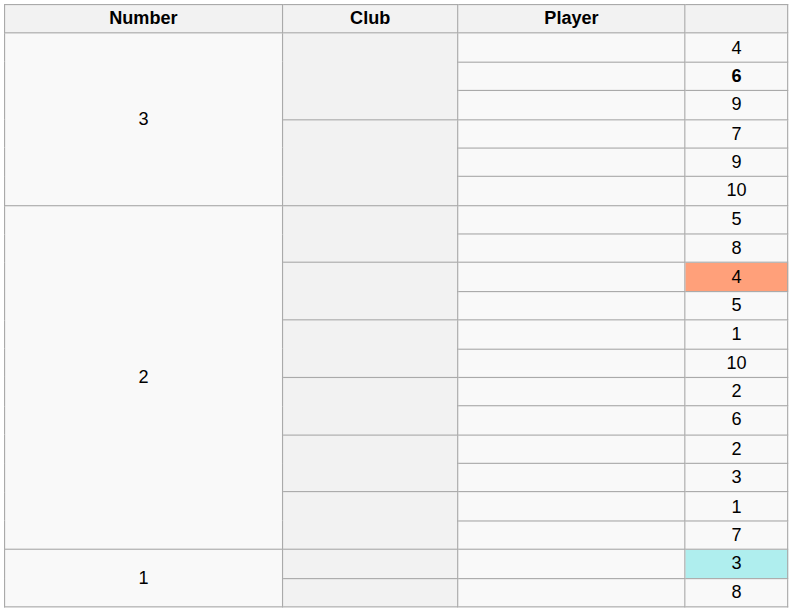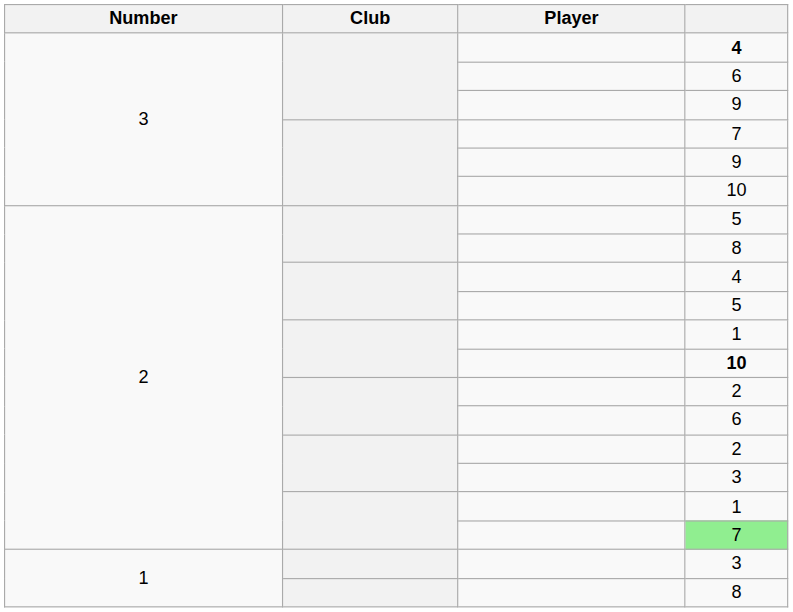 <table class="wikitable plainrowheaders" style="text-align:center; width:35%">
 <tr>
 <th>Number</th>
 <th>Club</th>
 <th>Player</th>
 <th></th>
 </tr>
 <tr>
 <td rowspan=6>3</td>
 <th scope=row rowspan=3></th>
 <td align=left></td>
-<td>4</td>
+<td><strong>4</strong></td>
 </tr>
 <tr>
 <td align=left></td>
-<td><strong>6</strong></td>
+<td>6</td>
 </tr>
 <tr>
 <td align=left></td>
 <td>9</td>
 </tr>
 <tr>
 <th scope=row rowspan=3></th>
 <td align=left></td>
 <td>7</td>
 </tr>
 <tr>
 <td align=left></td>
 <td>9</td>
 </tr>
 <tr>
 <td align=left></td>
 <td>10</td>
 </tr>
 <tr>
 <td rowspan=12>2</td>
 <th scope=row rowspan=2></th>
 <td align=left></td>
 <td>5</td>
 </tr>
 <tr>
 <td align=left></td>
 <td>8</td>
 </tr>
 <tr>
 <th scope=row rowspan=2></th>
 <td align=left></td>
-<td style="background: lightsalmon;">4</td>
+<td>4</td>
 </tr>
 <tr>
 <td align=left><strong></strong></td>
 <td>5</td>
 </tr>
 <tr>
 <th scope=row rowspan=2></th>
 <td align=left></td>
 <td>1</td>
 </tr>
 <tr>
 <td align=left></td>
-<td>10</td>
+<td><strong>10</strong></td>
 </tr>
 <tr>
 <th scope=row rowspan=2></th>
 <td align=left></td>
 <td>2</td>
 </tr>
 <tr>
 <td align=left></td>
 <td>6</td>
 </tr>
 <tr>
 <th scope=row rowspan=2></th>
 <td align=left></td>
 <td>2</td>
 </tr>
 <tr>
 <td align=left></td>
 <td>3</td>
 </tr>
 <tr>
 <th scope=row rowspan=2></th>
 <td align=left></td>
 <td>1</td>
 </tr>
 <tr>
 <td align=left></td>
-<td>7</td>
+<td style="background: lightgreen;">7</td>
 </tr>
 <tr>
 <td rowspan=2>1</td>
 <th scope=row></th>
 <td align=left></td>
-<td style="background: paleturquoise;">3</td>
+<td>3</td>
 </tr>
 <tr>
 <th scope=row></th>
 <td align=left></td>
 <td>8</td>
 </tr>
 </table>
